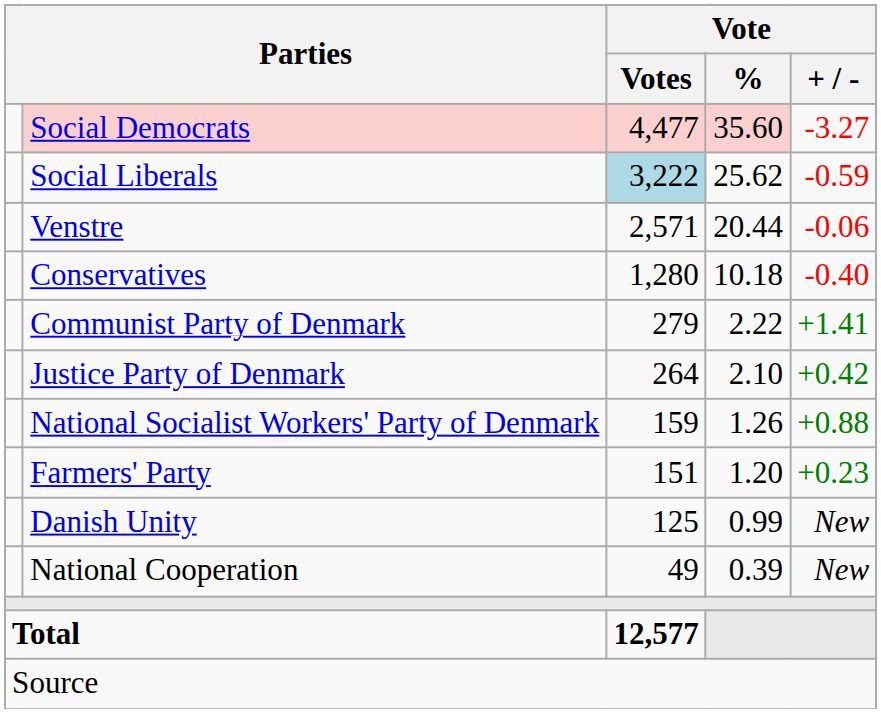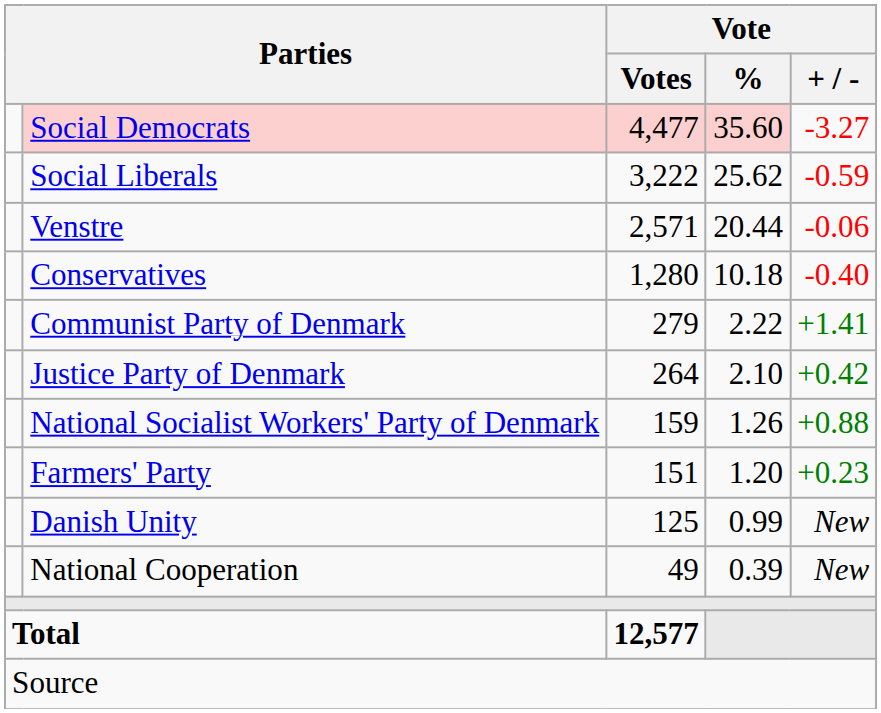 <table class="wikitable" style="text-align:right;">
 <tr>
 <th style="text-align:centre;" rowspan="2" colspan="2" width="225">Parties</th>
 <th colspan="3">Vote</th>
 </tr>
 <tr>
 <th width="15">Votes</th>
 <th width="15">%</th>
 <th width="15">+ / -</th>
 </tr>
 <tr>
 <td width="2" style="color:inherit;background:"></td>
 <td bgcolor=#fbd0ce  align="left"><a href='#'>Social Democrats</a></td>
 <td bgcolor=#fbd0ce>4,477</td>
 <td bgcolor=#fbd0ce>35.60</td>
 <td style=color:red;>-3.27</td>
 </tr>
 <tr>
 <td width="2" style="color:inherit;background:"></td>
 <td align="left"><a href='#'>Social Liberals</a></td>
-<td style="background: lightblue;">3,222</td>
+<td>3,222</td>
 <td>25.62</td>
 <td style=color:red;>-0.59</td>
 </tr>
 <tr>
 <td width="2" style="color:inherit;background:"></td>
 <td align="left"><a href='#'>Venstre</a></td>
 <td>2,571</td>
 <td>20.44</td>
 <td style=color:red;>-0.06</td>
 </tr>
 <tr>
 <td width="2" style="color:inherit;background:"></td>
 <td align="left"><a href='#'>Conservatives</a></td>
 <td>1,280</td>
 <td>10.18</td>
 <td style=color:red;>-0.40</td>
 </tr>
 <tr>
 <td width="2" style="color:inherit;background:"></td>
 <td align="left"><a href='#'>Communist Party of Denmark</a></td>
 <td>279</td>
 <td>2.22</td>
 <td style=color:green;>+1.41</td>
 </tr>
 <tr>
 <td width="2" style="color:inherit;background:"></td>
 <td align="left"><a href='#'>Justice Party of Denmark</a></td>
 <td>264</td>
 <td>2.10</td>
 <td style=color:green;>+0.42</td>
 </tr>
 <tr>
 <td width="2" style="color:inherit;background:"></td>
 <td align="left"><a href='#'>National Socialist Workers' Party of Denmark</a></td>
 <td>159</td>
 <td>1.26</td>
 <td style=color:green;>+0.88</td>
 </tr>
 <tr>
 <td width="2" style="color:inherit;background:"></td>
 <td align="left"><a href='#'>Farmers' Party</a></td>
 <td>151</td>
 <td>1.20</td>
 <td style=color:green;>+0.23</td>
 </tr>
 <tr>
 <td width="2" style="color:inherit;background:"></td>
 <td align="left"><a href='#'>Danish Unity</a></td>
 <td>125</td>
 <td>0.99</td>
 <td><em>New</em></td>
 </tr>
 <tr>
 <td width="2" style="color:inherit;background:"></td>
 <td align="left">National Cooperation</td>
 <td>49</td>
 <td>0.39</td>
 <td><em>New</em></td>
 </tr>
 <tr>
 <td colspan="7" bgcolor="#E9E9E9"></td>
 </tr>
 <tr>
 <td align="left" colspan="2"><strong>Total</strong></td>
 <td><strong>12,577</strong></td>
 <td bgcolor="#E9E9E9" colspan="2"></td>
 </tr>
 <tr>
 <td align="left" colspan="6">Source</td>
 </tr>
 </table>
